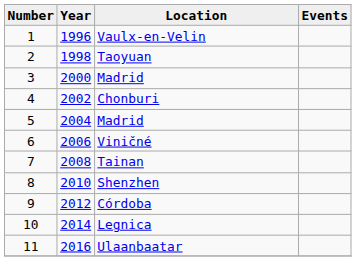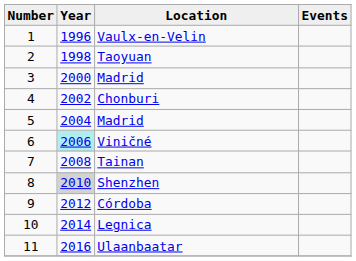 <table class="wikitable">
 <tr>
 <th scope="col" !  style="width:25px; background:#efefef;">Number</th>
 <th scope="col" !  style="width:25px; background:#efefef;">Year</th>
 <th scope="col" ! width="200" style="background: #efefef;">Location</th>
 <th scope="col" !  style="width:25px; background:#efefef;">Events</th>
 </tr>
 <tr>
 <td align=center>1</td>
 <td><a href='#'>1996</a></td>
 <td> <a href='#'>Vaulx-en-Velin</a></td>
 <td align=center></td>
 </tr>
 <tr>
 <td align=center>2</td>
 <td><a href='#'>1998</a></td>
 <td> <a href='#'>Taoyuan</a></td>
 <td align=center></td>
 </tr>
 <tr>
 <td align=center>3</td>
 <td><a href='#'>2000</a></td>
 <td> <a href='#'>Madrid</a></td>
 <td align=center></td>
 </tr>
 <tr>
 <td align=center>4</td>
 <td><a href='#'>2002</a></td>
 <td> <a href='#'>Chonburi</a></td>
 <td align=center></td>
 </tr>
 <tr>
 <td align=center>5</td>
 <td><a href='#'>2004</a></td>
 <td> <a href='#'>Madrid</a></td>
 <td align=center></td>
 </tr>
 <tr>
 <td align=center>6</td>
-<td><a href='#'>2006</a></td>
+<td style="background: paleturquoise;"><a href='#'>2006</a></td>
 <td> <a href='#'>Viničné</a></td>
 <td align=center></td>
 </tr>
 <tr>
 <td align=center>7</td>
 <td><a href='#'>2008</a></td>
 <td> <a href='#'>Tainan</a></td>
 <td align=center></td>
 </tr>
 <tr>
 <td align=center>8</td>
-<td><a href='#'>2010</a></td>
+<td style="background: lightgrey;"><a href='#'>2010</a></td>
 <td> <a href='#'>Shenzhen</a></td>
 <td align=center></td>
 </tr>
 <tr>
 <td align=center>9</td>
 <td><a href='#'>2012</a></td>
 <td> <a href='#'>Córdoba</a></td>
 <td align=center></td>
 </tr>
 <tr>
 <td align=center>10</td>
 <td><a href='#'>2014</a></td>
 <td> <a href='#'>Legnica</a></td>
 <td align=center></td>
 </tr>
 <tr>
 <td align=center>11</td>
 <td><a href='#'>2016</a></td>
 <td> <a href='#'>Ulaanbaatar</a></td>
 <td align=center></td>
 </tr>
 <tr>
 </tr>
 </table>
